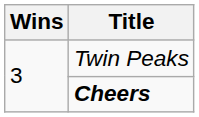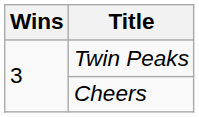 <table class="wikitable">
 <tr>
 <th>Wins</th>
 <th>Title</th>
 </tr>
 <tr>
 <td rowspan="2">3</td>
 <td><em>Twin Peaks</em></td>
 </tr>
 <tr>
-<td><strong><em>Cheers</em></strong></td>
+<td><em>Cheers</em></td>
 </tr>
 </table>
